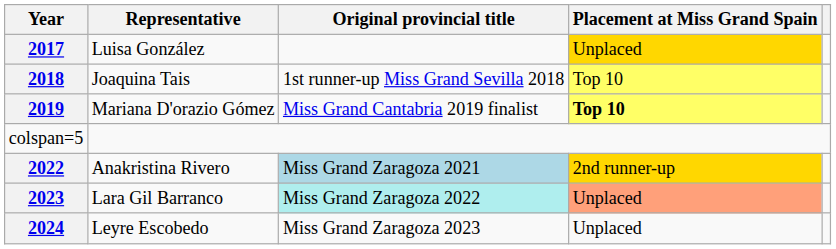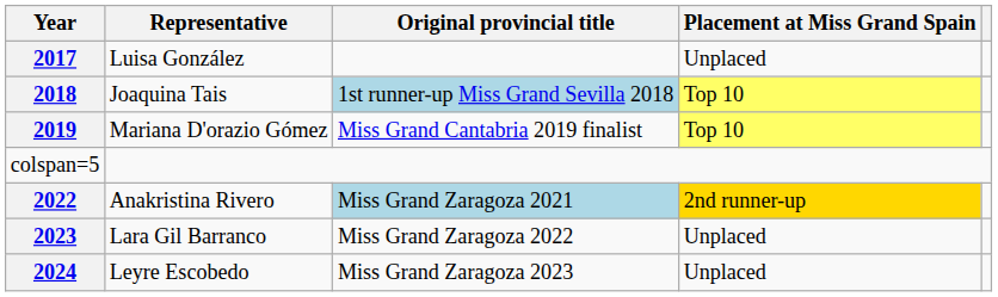 <table class="wikitable defaultcenter col2left" style="font-size:95%;">
 <tr>
 <th>Year</th>
 <th>Representative</th>
 <th>Original provincial title</th>
 <th>Placement at Miss Grand Spain</th>
 <th></th>
 </tr>
 <tr>
 <th><a href='#'>2017</a></th>
 <td>Luisa González</td>
 <td></td>
-<td style="background: gold;">Unplaced</td>
+<td>Unplaced</td>
 <td></td>
 </tr>
 <tr>
 <th><a href='#'>2018</a></th>
 <td>Joaquina Tais</td>
-<td>1st runner-up <a href='#'>Miss Grand Sevilla</a> 2018</td>
+<td style="background: lightblue;">1st runner-up <a href='#'>Miss Grand Sevilla</a> 2018</td>
 <td bgcolor=#FFFF66>Top 10</td>
 <td></td>
 </tr>
 <tr>
 <th><a href='#'>2019</a></th>
 <td>Mariana D'orazio Gómez</td>
 <td><a href='#'>Miss Grand Cantabria</a> 2019 finalist</td>
-<td bgcolor=#FFFF66><strong>Top 10</strong></td>
+<td bgcolor=#FFFF66>Top 10</td>
 <td></td>
 </tr>
 <tr>
 <td>colspan=5 </td>
 </tr>
 <tr>
 <th><a href='#'>2022</a></th>
 <td>Anakristina Rivero</td>
 <td style="background: lightblue;">Miss Grand Zaragoza 2021</td>
 <td bgcolor=gold>2nd runner-up</td>
 <td></td>
 </tr>
 <tr>
 <th><a href='#'>2023</a></th>
 <td>Lara Gil Barranco</td>
-<td style="background: paleturquoise;">Miss Grand Zaragoza 2022</td>
-<td style="background: lightsalmon;">Unplaced</td>
+<td>Miss Grand Zaragoza 2022</td>
+<td>Unplaced</td>
 <td></td>
 </tr>
 <tr>
 <th><a href='#'>2024</a></th>
 <td>Leyre Escobedo</td>
 <td>Miss Grand Zaragoza 2023</td>
 <td>Unplaced</td>
 <td></td>
 </tr>
 </table>
